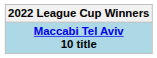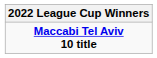 <table class=wikitable style="text-align:center; margin:auto">
 <tr>
 <th>2022 League Cup Winners</th>
 </tr>
 <tr>
-<td style="background: lightblue;"><strong><a href='#'>Maccabi Tel Aviv</a></strong> <br> <strong>10 title</strong></td>
+<td><strong><a href='#'>Maccabi Tel Aviv</a></strong> <br> <strong>10 title</strong></td>
 </tr>
 </table>
